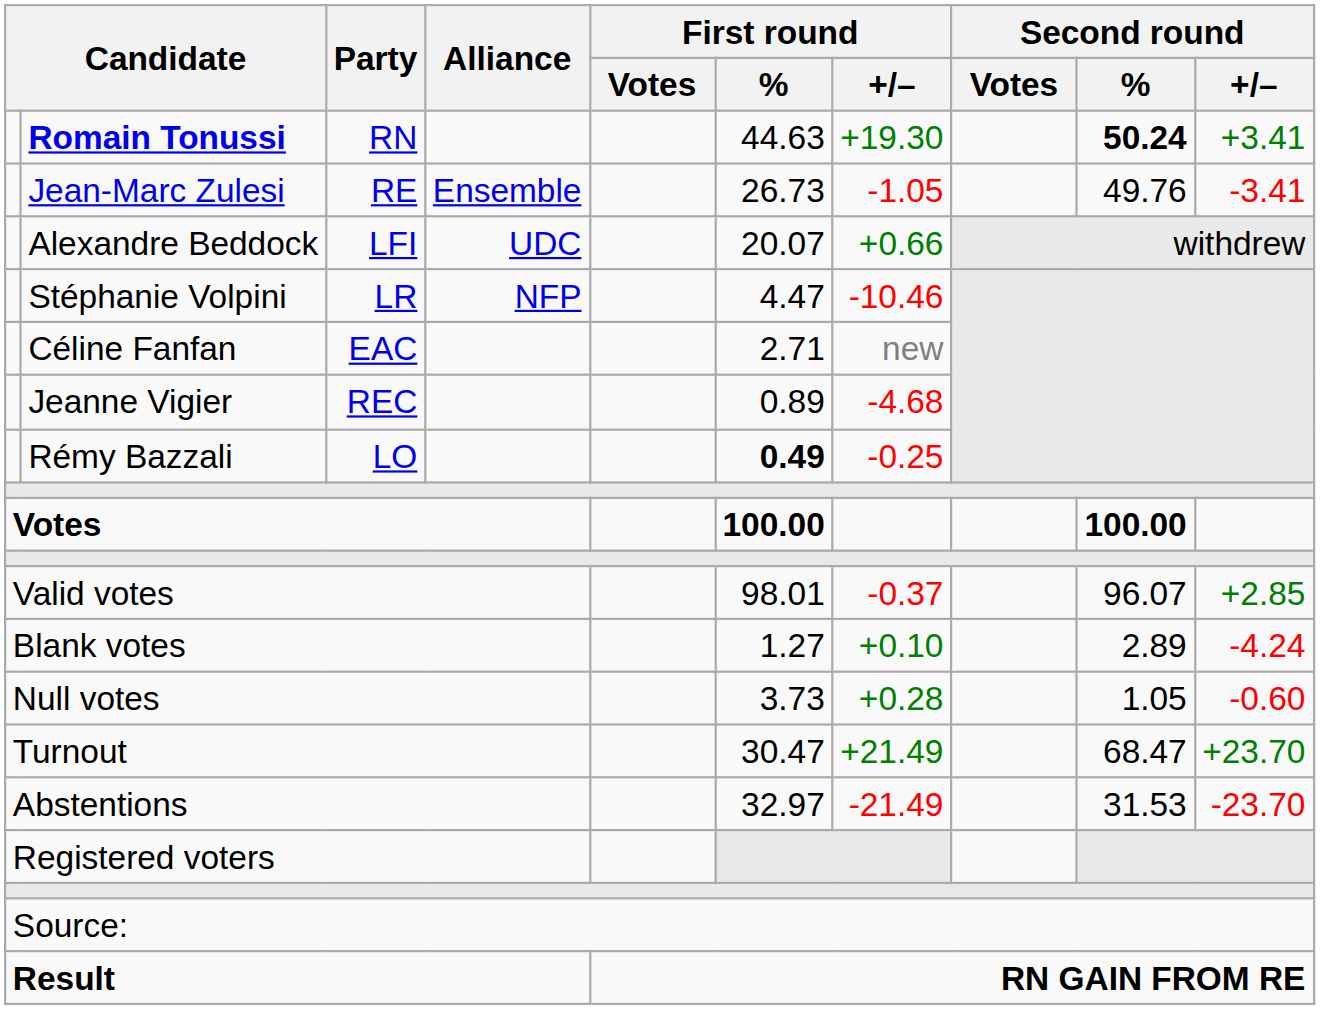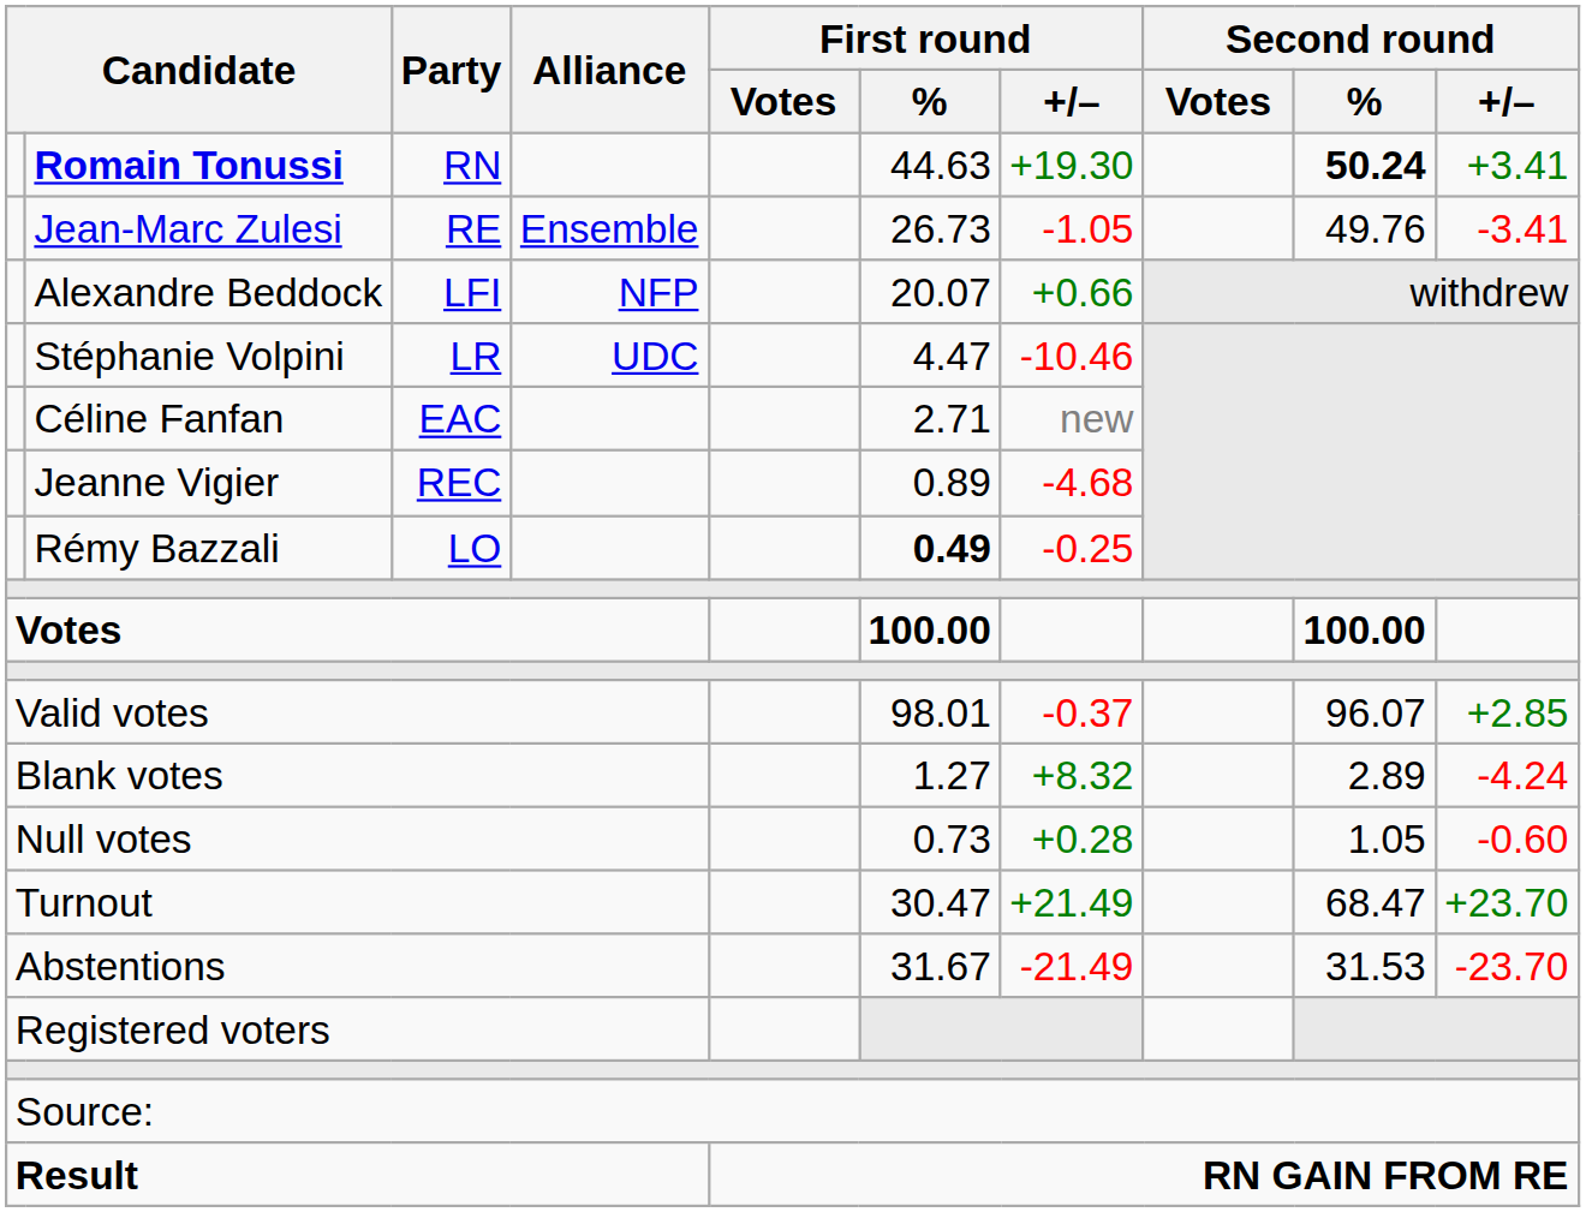 <table class="wikitable" style="text-align:right;font-size:95%;">
 <tr>
 <th rowspan="2" colspan="2">Candidate</th>
 <th colspan="1" rowspan="2">Party</th>
 <th colspan="1" rowspan="2">Alliance</th>
 <th colspan="3">First round</th>
 <th colspan="3">Second round</th>
 </tr>
 <tr>
 <th style="width:50px;">Votes</th>
 <th style="width:45px;">%</th>
 <th style="width:45px;">+/–</th>
 <th style="width:50px;">Votes</th>
 <th style="width:45px;">%</th>
 <th style="width:45px;">+/–</th>
 </tr>
 <tr>
 <td style="color:inherit;background:"></td>
 <td style="text-align:left;"><strong><a href='#'>Romain Tonussi</a></strong></td>
 <td><a href='#'>RN</a></td>
 <td></td>
 <td></td>
 <td>44.63</td>
 <td style="color:green;">+19.30</td>
 <td><strong></strong></td>
 <td><strong>50.24</strong></td>
 <td style="color:green;">+3.41</td>
 </tr>
 <tr>
 <td style="color:inherit;background:"></td>
 <td style="text-align:left;"><a href='#'>Jean-Marc Zulesi</a></td>
 <td><a href='#'>RE</a></td>
 <td><a href='#'>Ensemble</a></td>
 <td></td>
 <td>26.73</td>
 <td style="color:red;">-1.05</td>
 <td></td>
 <td>49.76</td>
 <td style="color:red;">-3.41</td>
 </tr>
 <tr>
 <td style="color:inherit;background:"></td>
 <td style="text-align:left;">Alexandre Beddock</td>
 <td><a href='#'>LFI</a></td>
-<td><a href='#'>UDC</a></td>
+<td><a href='#'>NFP</a></td>
 <td></td>
 <td>20.07</td>
 <td style="color:green;">+0.66</td>
 <td colspan="3" style="background:#E9E9E9;">withdrew</td>
 </tr>
 <tr>
 <td style="color:inherit;background:"></td>
 <td style="text-align:left;">Stéphanie Volpini</td>
 <td><a href='#'>LR</a></td>
-<td><a href='#'>NFP</a></td>
+<td><a href='#'>UDC</a></td>
 <td></td>
 <td>4.47</td>
 <td style="color:red;">-10.46</td>
 <td colspan="3" rowspan="4" style="background:#E9E9E9;"></td>
 </tr>
 <tr>
 <td style="color:inherit;background:"></td>
 <td style="text-align:left;">Céline Fanfan</td>
 <td><a href='#'>EAC</a></td>
 <td></td>
 <td></td>
 <td>2.71</td>
 <td style="color:grey;">new</td>
 </tr>
 <tr>
 <td style="color:inherit;background:"></td>
 <td style="text-align:left;">Jeanne Vigier</td>
 <td><a href='#'>REC</a></td>
 <td></td>
 <td></td>
 <td>0.89</td>
 <td style="color:red;">-4.68</td>
 </tr>
 <tr>
 <td style="color:inherit;background:"></td>
 <td style="text-align:left;">Rémy Bazzali</td>
 <td><a href='#'>LO</a></td>
 <td></td>
 <td></td>
 <td><strong>0.49</strong></td>
 <td style="color:red;">-0.25</td>
 </tr>
 <tr>
 <td colspan="10" style="background:#E9E9E9;"></td>
 </tr>
 <tr style="font-weight:bold;">
 <td colspan="4" style="text-align:left;">Votes</td>
 <td></td>
 <td>100.00</td>
 <td></td>
 <td></td>
 <td>100.00</td>
 <td></td>
 </tr>
 <tr>
 <td colspan="10" style="background:#E9E9E9;"></td>
 </tr>
 <tr>
 <td colspan="4" style="text-align:left;">Valid votes</td>
 <td></td>
 <td>98.01</td>
 <td style="color:red;">-0.37</td>
 <td></td>
 <td>96.07</td>
 <td style="color:green;">+2.85</td>
 </tr>
 <tr>
 <td colspan="4" style="text-align:left;">Blank votes</td>
 <td></td>
 <td>1.27</td>
-<td style="color:green;">+0.10</td>
+<td style="color:green;">+8.32</td>
 <td></td>
 <td>2.89</td>
 <td style="color:red;">-4.24</td>
 </tr>
 <tr>
 <td colspan="4" style="text-align:left;">Null votes</td>
 <td></td>
-<td>3.73</td>
+<td>0.73</td>
 <td style="color:green;">+0.28</td>
 <td></td>
 <td>1.05</td>
 <td style="color:red;">-0.60</td>
 </tr>
 <tr>
 <td colspan="4" style="text-align:left;">Turnout</td>
 <td></td>
 <td>30.47</td>
 <td style="color:green;">+21.49</td>
 <td></td>
 <td>68.47</td>
 <td style="color:green;">+23.70</td>
 </tr>
 <tr>
 <td colspan="4" style="text-align:left;">Abstentions</td>
 <td></td>
-<td>32.97</td>
+<td>31.67</td>
 <td style="color:red;">-21.49</td>
 <td></td>
 <td>31.53</td>
 <td style="color:red;">-23.70</td>
 </tr>
 <tr>
 <td colspan="4" style="text-align:left;">Registered voters</td>
 <td></td>
 <td colspan="2" style="background:#E9E9E9;"></td>
 <td></td>
 <td colspan="2" style="background:#E9E9E9;"></td>
 </tr>
 <tr>
 <td colspan="10" style="background:#E9E9E9;"></td>
 </tr>
 <tr>
 <td colspan="10" style="text-align:left;">Source: </td>
 </tr>
 <tr style="font-weight:bold">
 <td colspan="4" style="text-align:left;">Result</td>
 <td colspan="6" style="background-color:">RN GAIN FROM RE</td>
 </tr>
 </table>
